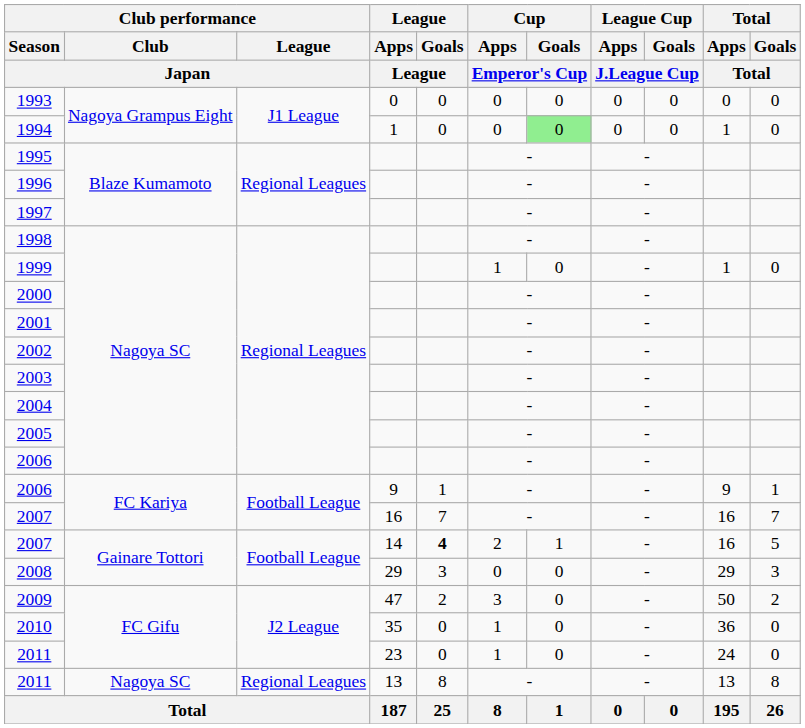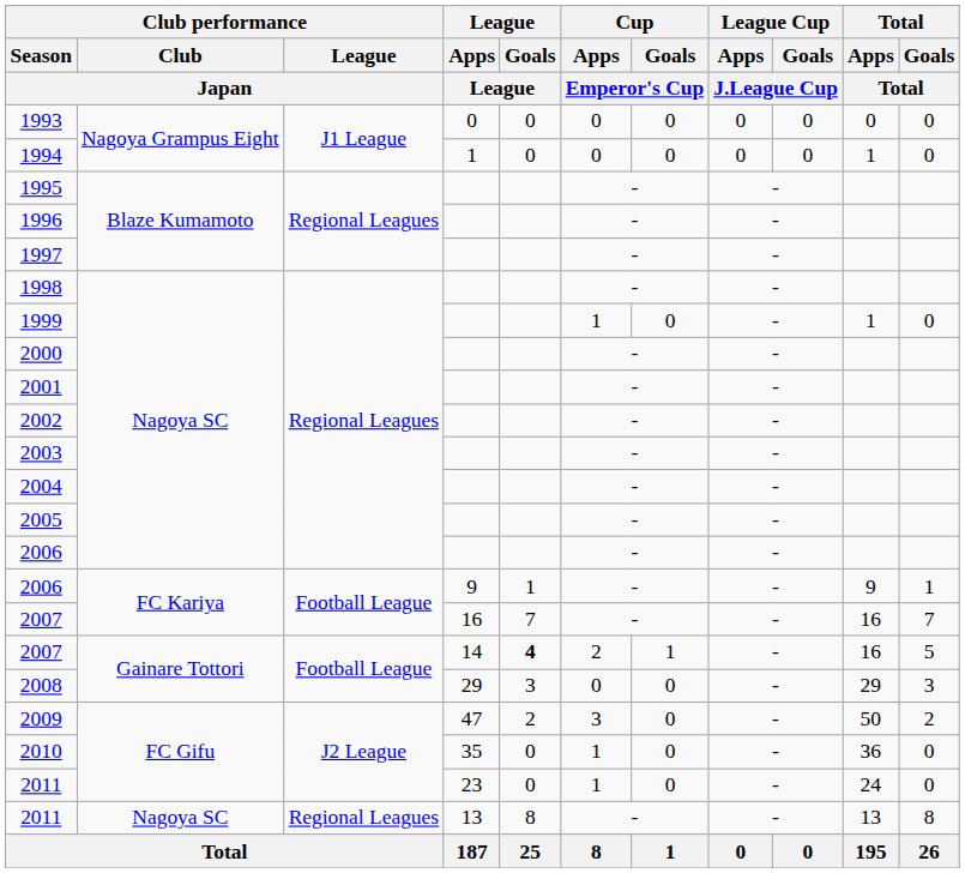 <table class="wikitable" style="text-align:center;">
 <tr>
 <th colspan=3>Club performance</th>
 <th colspan=2>League</th>
 <th colspan=2>Cup</th>
 <th colspan=2>League Cup</th>
 <th colspan=2>Total</th>
 </tr>
 <tr>
 <th>Season</th>
 <th>Club</th>
 <th>League</th>
 <th>Apps</th>
 <th>Goals</th>
 <th>Apps</th>
 <th>Goals</th>
 <th>Apps</th>
 <th>Goals</th>
 <th>Apps</th>
 <th>Goals</th>
 </tr>
 <tr>
 <th colspan=3>Japan</th>
 <th colspan=2>League</th>
 <th colspan=2><a href='#'>Emperor's Cup</a></th>
 <th colspan=2><a href='#'>J.League Cup</a></th>
 <th colspan=2>Total</th>
 </tr>
 <tr>
 <td><a href='#'>1993</a></td>
 <td rowspan="2"><a href='#'>Nagoya Grampus Eight</a></td>
 <td rowspan="2"><a href='#'>J1 League</a></td>
 <td>0</td>
 <td>0</td>
 <td>0</td>
 <td>0</td>
 <td>0</td>
 <td>0</td>
 <td>0</td>
 <td>0</td>
 </tr>
 <tr>
 <td><a href='#'>1994</a></td>
 <td>1</td>
 <td>0</td>
 <td>0</td>
-<td style="background: lightgreen;">0</td>
+<td>0</td>
 <td>0</td>
 <td>0</td>
 <td>1</td>
 <td>0</td>
 </tr>
 <tr>
 <td><a href='#'>1995</a></td>
 <td rowspan="3"><a href='#'>Blaze Kumamoto</a></td>
 <td rowspan="3"><a href='#'>Regional Leagues</a></td>
 <td></td>
 <td></td>
 <td colspan="2">-</td>
 <td colspan="2">-</td>
 <td></td>
 <td></td>
 </tr>
 <tr>
 <td><a href='#'>1996</a></td>
 <td></td>
 <td></td>
 <td colspan="2">-</td>
 <td colspan="2">-</td>
 <td></td>
 <td></td>
 </tr>
 <tr>
 <td><a href='#'>1997</a></td>
 <td></td>
 <td></td>
 <td colspan="2">-</td>
 <td colspan="2">-</td>
 <td></td>
 <td></td>
 </tr>
 <tr>
 <td><a href='#'>1998</a></td>
 <td rowspan="9"><a href='#'>Nagoya SC</a></td>
 <td rowspan="9"><a href='#'>Regional Leagues</a></td>
 <td></td>
 <td></td>
 <td colspan="2">-</td>
 <td colspan="2">-</td>
 <td></td>
 <td></td>
 </tr>
 <tr>
 <td><a href='#'>1999</a></td>
 <td></td>
 <td></td>
 <td>1</td>
 <td>0</td>
 <td colspan="2">-</td>
 <td>1</td>
 <td>0</td>
 </tr>
 <tr>
 <td><a href='#'>2000</a></td>
 <td></td>
 <td></td>
 <td colspan="2">-</td>
 <td colspan="2">-</td>
 <td></td>
 <td></td>
 </tr>
 <tr>
 <td><a href='#'>2001</a></td>
 <td></td>
 <td></td>
 <td colspan="2">-</td>
 <td colspan="2">-</td>
 <td></td>
 <td></td>
 </tr>
 <tr>
 <td><a href='#'>2002</a></td>
 <td></td>
 <td></td>
 <td colspan="2">-</td>
 <td colspan="2">-</td>
 <td></td>
 <td></td>
 </tr>
 <tr>
 <td><a href='#'>2003</a></td>
 <td></td>
 <td></td>
 <td colspan="2">-</td>
 <td colspan="2">-</td>
 <td></td>
 <td></td>
 </tr>
 <tr>
 <td><a href='#'>2004</a></td>
 <td></td>
 <td></td>
 <td colspan="2">-</td>
 <td colspan="2">-</td>
 <td></td>
 <td></td>
 </tr>
 <tr>
 <td><a href='#'>2005</a></td>
 <td></td>
 <td></td>
 <td colspan="2">-</td>
 <td colspan="2">-</td>
 <td></td>
 <td></td>
 </tr>
 <tr>
 <td><a href='#'>2006</a></td>
 <td></td>
 <td></td>
 <td colspan="2">-</td>
 <td colspan="2">-</td>
 <td></td>
 <td></td>
 </tr>
 <tr>
 <td><a href='#'>2006</a></td>
 <td rowspan="2"><a href='#'>FC Kariya</a></td>
 <td rowspan="2"><a href='#'>Football League</a></td>
 <td>9</td>
 <td>1</td>
 <td colspan="2">-</td>
 <td colspan="2">-</td>
 <td>9</td>
 <td>1</td>
 </tr>
 <tr>
 <td><a href='#'>2007</a></td>
 <td>16</td>
 <td>7</td>
 <td colspan="2">-</td>
 <td colspan="2">-</td>
 <td>16</td>
 <td>7</td>
 </tr>
 <tr>
 <td><a href='#'>2007</a></td>
 <td rowspan="2"><a href='#'>Gainare Tottori</a></td>
 <td rowspan="2"><a href='#'>Football League</a></td>
 <td>14</td>
 <td><strong>4</strong></td>
 <td>2</td>
 <td>1</td>
 <td colspan="2">-</td>
 <td>16</td>
 <td>5</td>
 </tr>
 <tr>
 <td><a href='#'>2008</a></td>
 <td>29</td>
 <td>3</td>
 <td>0</td>
 <td>0</td>
 <td colspan="2">-</td>
 <td>29</td>
 <td>3</td>
 </tr>
 <tr>
 <td><a href='#'>2009</a></td>
 <td rowspan="3"><a href='#'>FC Gifu</a></td>
 <td rowspan="3"><a href='#'>J2 League</a></td>
 <td>47</td>
 <td>2</td>
 <td>3</td>
 <td>0</td>
 <td colspan="2">-</td>
 <td>50</td>
 <td>2</td>
 </tr>
 <tr>
 <td><a href='#'>2010</a></td>
 <td>35</td>
 <td>0</td>
 <td>1</td>
 <td>0</td>
 <td colspan="2">-</td>
 <td>36</td>
 <td>0</td>
 </tr>
 <tr>
 <td><a href='#'>2011</a></td>
 <td>23</td>
 <td>0</td>
 <td>1</td>
 <td>0</td>
 <td colspan="2">-</td>
 <td>24</td>
 <td>0</td>
 </tr>
 <tr>
 <td><a href='#'>2011</a></td>
 <td><a href='#'>Nagoya SC</a></td>
 <td><a href='#'>Regional Leagues</a></td>
 <td>13</td>
 <td>8</td>
 <td colspan="2">-</td>
 <td colspan="2">-</td>
 <td>13</td>
 <td>8</td>
 </tr>
 <tr>
 <th colspan=3>Total</th>
 <th>187</th>
 <th>25</th>
 <th>8</th>
 <th>1</th>
 <th>0</th>
 <th>0</th>
 <th>195</th>
 <th>26</th>
 </tr>
 </table>
